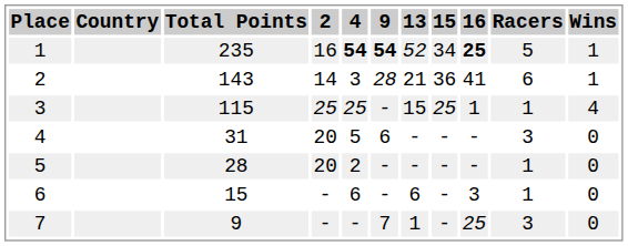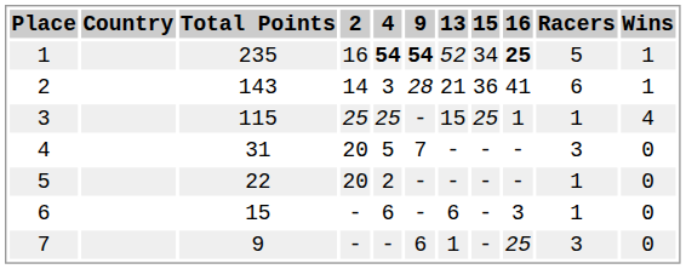 <table border="0" style="border: 1px solid #999; background-color:#FFFFFF; text-align:center">
 <tr align="center" bgcolor="#CCCCCC">
 <th>Place</th>
 <th>Country</th>
 <th>Total Points</th>
 <th>2</th>
 <th>4</th>
 <th>9</th>
 <th>13</th>
 <th>15</th>
 <th>16</th>
 <th>Racers</th>
 <th>Wins</th>
 </tr>
 <tr bgcolor="#EFEFEF">
 <td>1</td>
 <td align="left"></td>
 <td>235</td>
 <td>16</td>
 <td><strong>54</strong></td>
 <td><strong>54</strong></td>
 <td><em>52</em></td>
 <td>34</td>
 <td><strong>25</strong></td>
 <td>5</td>
 <td>1</td>
 </tr>
 <tr>
 <td>2</td>
 <td align="left"></td>
 <td>143</td>
 <td>14</td>
 <td>3</td>
 <td><em>28</em></td>
 <td>21</td>
 <td>36</td>
 <td>41</td>
 <td>6</td>
 <td>1</td>
 </tr>
 <tr bgcolor="#EFEFEF">
 <td>3</td>
 <td align="left"></td>
 <td>115</td>
 <td><em>25</em></td>
 <td><em>25</em></td>
 <td>-</td>
 <td>15</td>
 <td><em>25</em></td>
 <td>1</td>
 <td>1</td>
 <td>4</td>
 </tr>
 <tr>
 <td>4</td>
 <td align="left"></td>
 <td>31</td>
 <td>20</td>
 <td>5</td>
-<td>6</td>
+<td>7</td>
 <td>-</td>
 <td>-</td>
 <td>-</td>
 <td>3</td>
 <td>0</td>
 </tr>
 <tr bgcolor="#EFEFEF">
 <td>5</td>
 <td align="left"></td>
-<td>28</td>
+<td>22</td>
 <td>20</td>
 <td>2</td>
 <td>-</td>
 <td>-</td>
 <td>-</td>
 <td>-</td>
 <td>1</td>
 <td>0</td>
 </tr>
 <tr>
 <td>6</td>
 <td align="left"></td>
 <td>15</td>
 <td>-</td>
 <td>6</td>
 <td>-</td>
 <td>6</td>
 <td>-</td>
 <td>3</td>
 <td>1</td>
 <td>0</td>
 </tr>
 <tr bgcolor="#EFEFEF">
 <td>7</td>
 <td align="left"></td>
 <td>9</td>
 <td>-</td>
 <td>-</td>
-<td>7</td>
+<td>6</td>
 <td>1</td>
 <td>-</td>
 <td><em>25</em></td>
 <td>3</td>
 <td>0</td>
 </tr>
 </table>
